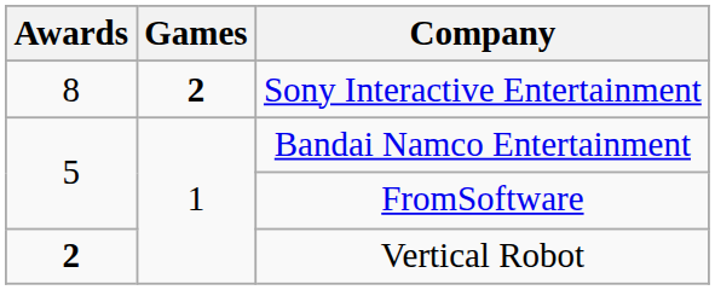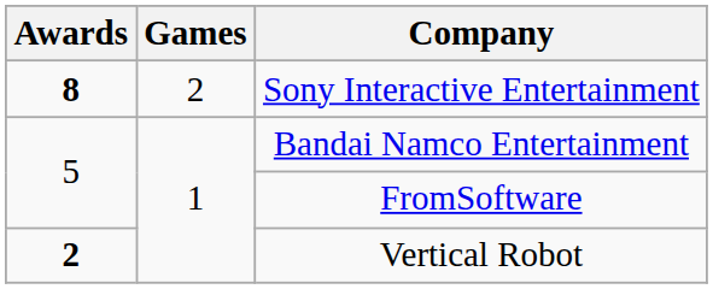 <table class="wikitable floatright" rowspan="2" style="text-align:center;" background: #f6e39c;>
 <tr>
 <th scope="col">Awards</th>
 <th scope="col">Games</th>
 <th scope="col">Company</th>
 </tr>
 <tr>
-<td>8</td>
-<td><strong>2</strong></td>
+<td><strong>8</strong></td>
+<td>2</td>
 <td><a href='#'>Sony Interactive Entertainment</a></td>
 </tr>
 <tr>
 <td rowspan=2>5</td>
 <td rowspan=3>1</td>
 <td><a href='#'>Bandai Namco Entertainment</a></td>
 </tr>
 <tr>
 <td><a href='#'>FromSoftware</a></td>
 </tr>
 <tr>
 <td><strong>2</strong></td>
 <td>Vertical Robot</td>
 </tr>
 </table>
